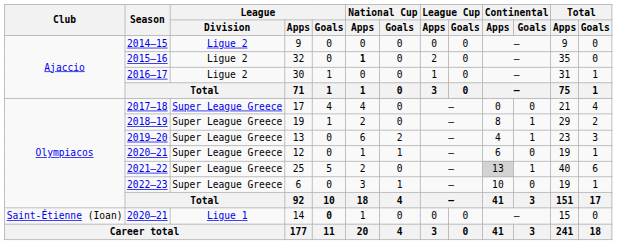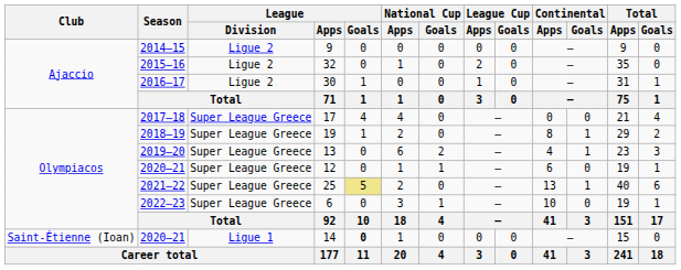 <table class="wikitable" style="text-align:center">
 <tr>
 <th rowspan="2">Club</th>
 <th rowspan="2">Season</th>
 <th colspan="3">League</th>
 <th colspan="2">National Cup</th>
 <th colspan="2">League Cup</th>
 <th colspan="2">Continental</th>
 <th colspan="2">Total</th>
 </tr>
 <tr>
 <th>Division</th>
 <th>Apps</th>
 <th>Goals</th>
 <th>Apps</th>
 <th>Goals</th>
 <th>Apps</th>
 <th>Goals</th>
 <th>Apps</th>
 <th>Goals</th>
 <th>Apps</th>
 <th>Goals</th>
 </tr>
 <tr>
 <td rowspan="4"><a href='#'>Ajaccio</a></td>
 <td><a href='#'>2014–15</a></td>
 <td><a href='#'>Ligue 2</a></td>
 <td>9</td>
 <td>0</td>
 <td>0</td>
 <td>0</td>
 <td>0</td>
 <td>0</td>
 <td colspan="2">—</td>
 <td>9</td>
 <td>0</td>
 </tr>
 <tr>
 <td><a href='#'>2015–16</a></td>
 <td>Ligue 2</td>
 <td>32</td>
 <td>0</td>
-<td><strong>1</strong></td>
+<td>1</td>
 <td>0</td>
 <td>2</td>
 <td>0</td>
 <td colspan="2">—</td>
 <td>35</td>
 <td>0</td>
 </tr>
 <tr>
 <td><a href='#'>2016–17</a></td>
 <td>Ligue 2</td>
 <td>30</td>
 <td>1</td>
 <td>0</td>
 <td>0</td>
 <td>1</td>
 <td>0</td>
 <td colspan="2">—</td>
 <td>31</td>
 <td>1</td>
 </tr>
 <tr>
 <th colspan="2">Total</th>
 <th>71</th>
 <th>1</th>
 <th>1</th>
 <th>0</th>
 <th>3</th>
 <th>0</th>
 <th colspan="2">—</th>
 <th>75</th>
 <th>1</th>
 </tr>
 <tr>
 <td rowspan="7"><a href='#'>Olympiacos</a></td>
 <td><a href='#'>2017–18</a></td>
 <td><a href='#'>Super League Greece</a></td>
 <td>17</td>
 <td>4</td>
 <td>4</td>
 <td>0</td>
 <td colspan="2">—</td>
 <td>0</td>
 <td>0</td>
 <td>21</td>
 <td>4</td>
 </tr>
 <tr>
 <td><a href='#'>2018–19</a></td>
 <td>Super League Greece</td>
 <td>19</td>
 <td>1</td>
 <td>2</td>
 <td>0</td>
 <td colspan="2">—</td>
 <td>8</td>
 <td>1</td>
 <td>29</td>
 <td>2</td>
 </tr>
 <tr>
 <td><a href='#'>2019–20</a></td>
 <td>Super League Greece</td>
 <td>13</td>
 <td>0</td>
 <td>6</td>
 <td>2</td>
 <td colspan="2">—</td>
 <td>4</td>
 <td>1</td>
 <td>23</td>
 <td>3</td>
 </tr>
 <tr>
 <td><a href='#'>2020–21</a></td>
 <td>Super League Greece</td>
 <td>12</td>
 <td>0</td>
 <td>1</td>
 <td>1</td>
 <td colspan="2">—</td>
 <td>6</td>
 <td>0</td>
 <td>19</td>
 <td>1</td>
 </tr>
 <tr>
 <td><a href='#'>2021–22</a></td>
 <td>Super League Greece</td>
 <td>25</td>
-<td>5</td>
+<td style="background: khaki;">5</td>
 <td>2</td>
 <td>0</td>
 <td colspan="2">—</td>
-<td style="background: lightgrey;">13</td>
+<td>13</td>
 <td>1</td>
 <td>40</td>
 <td>6</td>
 </tr>
 <tr>
 <td><a href='#'>2022–23</a></td>
 <td>Super League Greece</td>
 <td>6</td>
 <td>0</td>
 <td>3</td>
 <td>1</td>
 <td colspan="2">—</td>
 <td>10</td>
 <td>0</td>
 <td>19</td>
 <td>1</td>
 </tr>
 <tr>
 <th colspan="2">Total</th>
 <th>92</th>
 <th>10</th>
 <th>18</th>
 <th>4</th>
 <th colspan="2">—</th>
 <th>41</th>
 <th>3</th>
 <th>151</th>
 <th>17</th>
 </tr>
 <tr>
 <td><a href='#'>Saint-Étienne</a> (Ioan)</td>
 <td><a href='#'>2020–21</a></td>
 <td><a href='#'>Ligue 1</a></td>
 <td>14</td>
 <td><strong>0</strong></td>
 <td>1</td>
 <td>0</td>
 <td>0</td>
 <td>0</td>
 <td colspan="2">—</td>
 <td>15</td>
 <td>0</td>
 </tr>
 <tr>
 <th colspan="3">Career total</th>
 <th>177</th>
 <th>11</th>
 <th>20</th>
 <th>4</th>
 <th>3</th>
 <th>0</th>
 <th>41</th>
 <th>3</th>
 <th>241</th>
 <th>18</th>
 </tr>
 </table>
